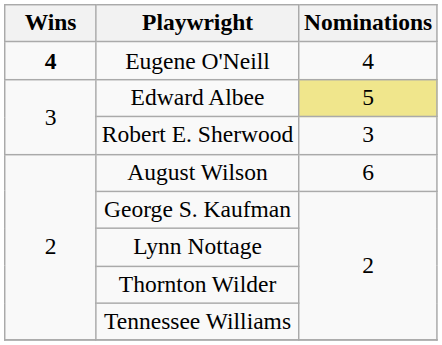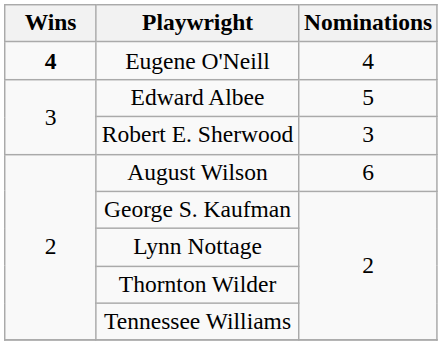 <table class="wikitable" style="text-align: center;">
 <tr>
 <th scope="col" width="55" style="text-align:center">Wins</th>
 <th scope="col" style="text-align:center">Playwright</th>
 <th scope="col" width="55">Nominations</th>
 </tr>
 <tr>
 <td><strong>4</strong></td>
 <td>Eugene O'Neill</td>
 <td>4</td>
 </tr>
 <tr>
 <td rowspan=2>3</td>
 <td>Edward Albee</td>
-<td style="background: khaki;">5</td>
+<td>5</td>
 </tr>
 <tr>
 <td>Robert E. Sherwood</td>
 <td>3</td>
 </tr>
 <tr>
 <td rowspan=5>2</td>
 <td>August Wilson</td>
 <td>6</td>
 </tr>
 <tr>
 <td>George S. Kaufman</td>
 <td rowspan=4>2</td>
 </tr>
 <tr>
 <td>Lynn Nottage</td>
 </tr>
 <tr>
 <td>Thornton Wilder</td>
 </tr>
 <tr>
 <td>Tennessee Williams</td>
 </tr>
 <tr>
 </tr>
 </table>
